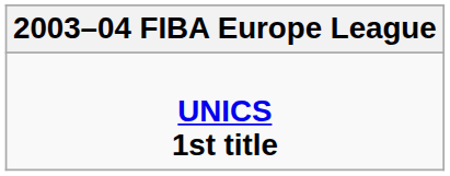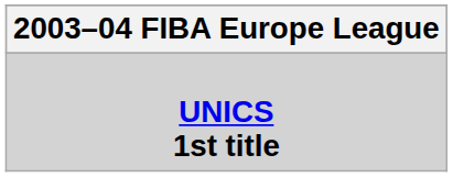 <table class=wikitable style="text-align:center; margin:auto">
 <tr>
 <th>2003–04 FIBA Europe League</th>
 </tr>
 <tr>
-<td> <br> <strong><a href='#'>UNICS</a></strong> <br> <strong>1st title</strong></td>
+<td style="background: lightgrey;"> <br> <strong><a href='#'>UNICS</a></strong> <br> <strong>1st title</strong></td>
 </tr>
 </table>
